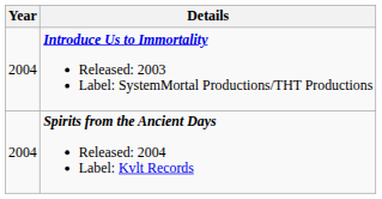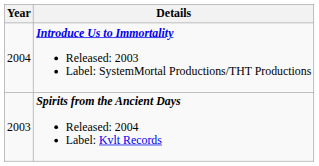 <table class="wikitable">
 <tr>
 <th>Year</th>
 <th>Details</th>
 </tr>
 <tr>
 <td>2004</td>
 <td><strong><em><a href='#'>Introduce Us to Immortality</a></em></strong><br><ul><li>Released: 2003</li><li>Label: SystemMortal Productions/THT Productions</li></ul></td>
 </tr>
 <tr>
-<td>2004</td>
+<td>2003</td>
 <td><strong><em>Spirits from the Ancient Days</em></strong><br><ul><li>Released: 2004</li><li>Label: <a href='#'>Kvlt Records</a></li></ul></td>
 </tr>
 </table>
